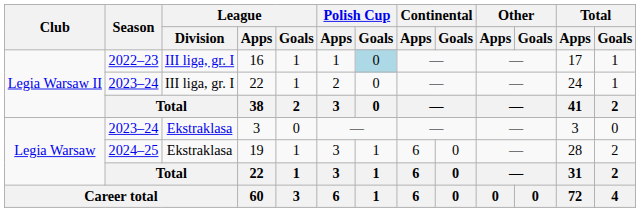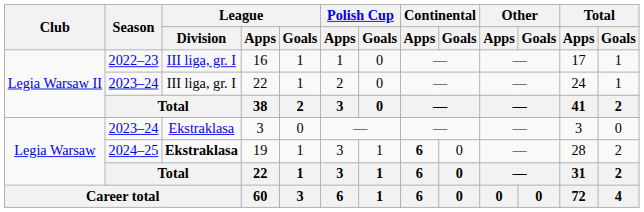 <table class="wikitable" style="text-align: center;">
 <tr>
 <th rowspan="2">Club</th>
 <th rowspan="2">Season</th>
 <th colspan="3">League</th>
 <th colspan="2"><a href='#'>Polish Cup</a></th>
 <th colspan="2">Continental</th>
 <th colspan="2">Other</th>
 <th colspan="2">Total</th>
 </tr>
 <tr>
 <th>Division</th>
 <th>Apps</th>
 <th>Goals</th>
 <th>Apps</th>
 <th>Goals</th>
 <th>Apps</th>
 <th>Goals</th>
 <th>Apps</th>
 <th>Goals</th>
 <th>Apps</th>
 <th>Goals</th>
 </tr>
 <tr>
 <td rowspan="3"><a href='#'>Legia Warsaw II</a></td>
 <td><a href='#'>2022–23</a></td>
 <td><a href='#'>III liga, gr. I</a></td>
 <td>16</td>
 <td>1</td>
 <td>1</td>
-<td style="background: lightblue;">0</td>
+<td>0</td>
 <td colspan="2">—</td>
 <td colspan="2">—</td>
 <td>17</td>
 <td>1</td>
 </tr>
 <tr>
 <td><a href='#'>2023–24</a></td>
 <td>III liga, gr. I</td>
 <td>22</td>
 <td>1</td>
 <td>2</td>
 <td>0</td>
 <td colspan="2">—</td>
 <td colspan="2">—</td>
 <td>24</td>
 <td>1</td>
 </tr>
 <tr>
 <th colspan="2">Total</th>
 <th>38</th>
 <th>2</th>
 <th>3</th>
 <th>0</th>
 <th colspan="2">—</th>
 <th colspan="2">—</th>
 <th>41</th>
 <th>2</th>
 </tr>
 <tr>
 <td rowspan="3"><a href='#'>Legia Warsaw</a></td>
 <td><a href='#'>2023–24</a></td>
 <td><a href='#'>Ekstraklasa</a></td>
 <td>3</td>
 <td>0</td>
 <td colspan="2">—</td>
 <td colspan="2">—</td>
 <td colspan="2">—</td>
 <td>3</td>
 <td>0</td>
 </tr>
 <tr>
 <td><a href='#'>2024–25</a></td>
-<td>Ekstraklasa</td>
+<td><strong>Ekstraklasa</strong></td>
 <td>19</td>
 <td>1</td>
 <td>3</td>
 <td>1</td>
-<td>6</td>
+<td><strong>6</strong></td>
 <td>0</td>
 <td colspan="2">—</td>
 <td>28</td>
 <td>2</td>
 </tr>
 <tr>
 <th colspan="2">Total</th>
 <th>22</th>
 <th>1</th>
 <th>3</th>
 <th>1</th>
 <th>6</th>
 <th>0</th>
 <th colspan="2">—</th>
 <th>31</th>
 <th>2</th>
 </tr>
 <tr>
 <th colspan="3">Career total</th>
 <th>60</th>
 <th>3</th>
 <th>6</th>
 <th>1</th>
 <th>6</th>
 <th>0</th>
 <th>0</th>
 <th>0</th>
 <th>72</th>
 <th>4</th>
 </tr>
 </table>
